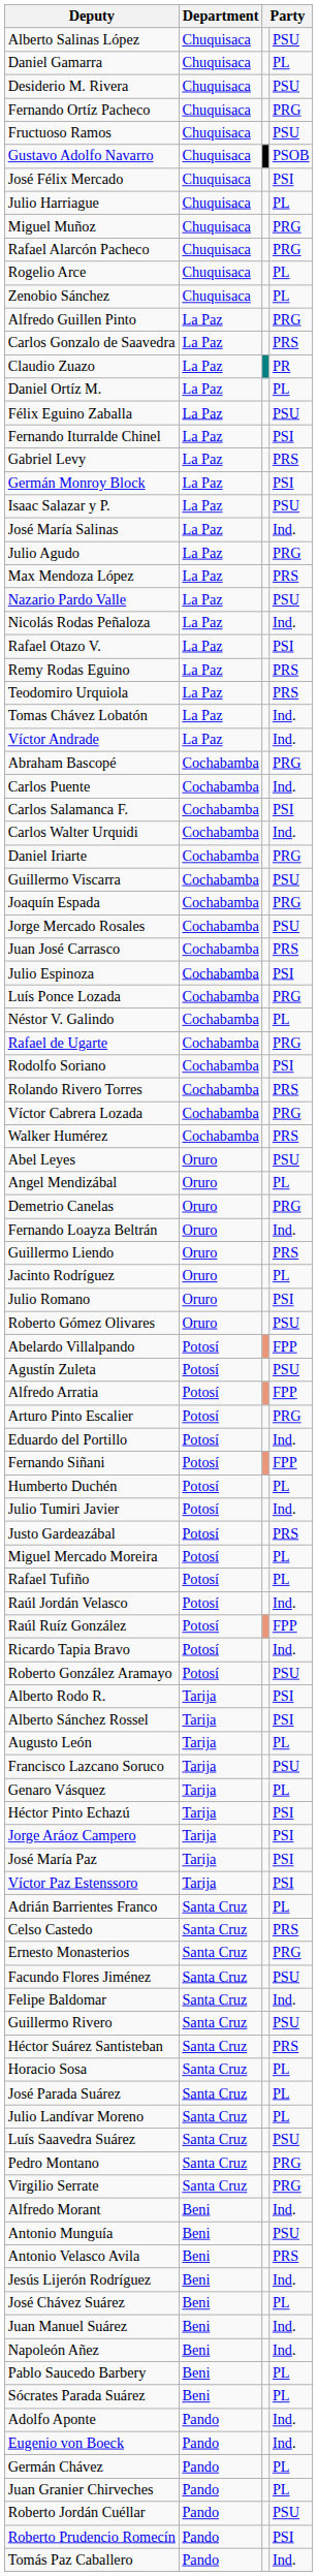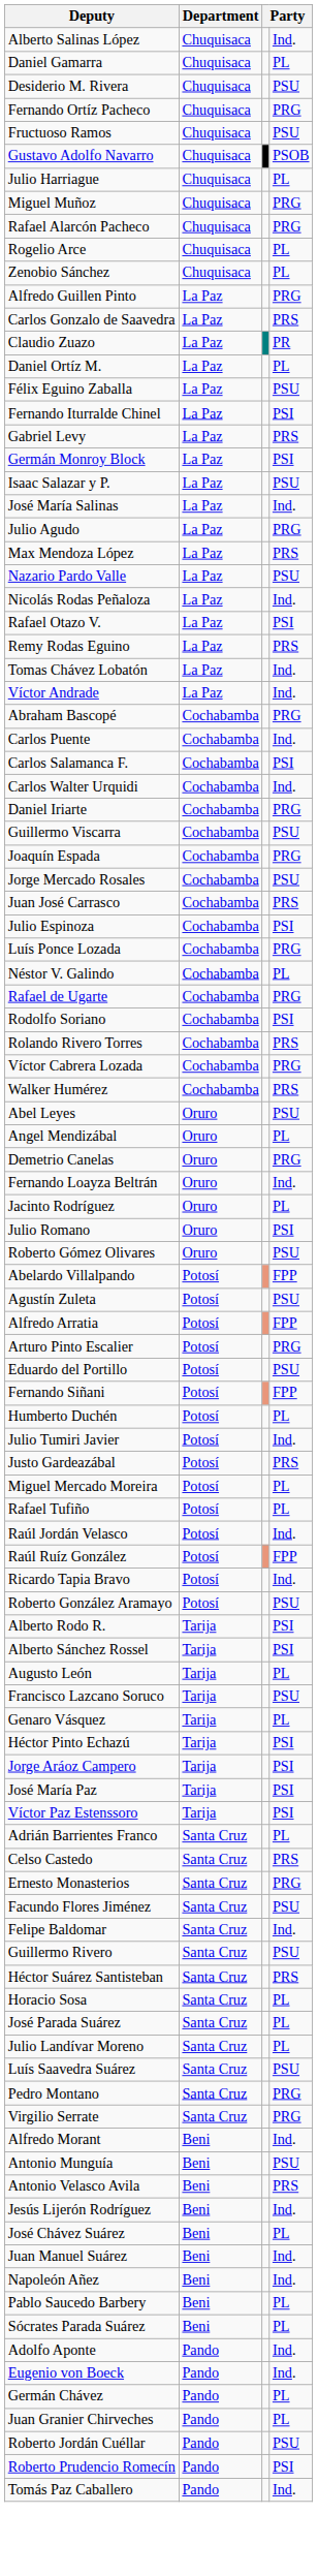 <table class="wikitable sortable">
 <tr>
 <th>Deputy</th>
 <th>Department</th>
 <th colspan="2">Party</th>
 </tr>
 <tr>
 <td>Alberto Salinas López</td>
 <td><a href='#'>Chuquisaca</a></td>
 <td style="background:"></td>
-<td><a href='#'>PSU</a></td>
+<td><a href='#'>Ind</a>.</td>
 </tr>
 <tr>
 <td>Daniel Gamarra</td>
 <td><a href='#'>Chuquisaca</a></td>
 <td style="background:"></td>
 <td><a href='#'>PL</a></td>
 </tr>
 <tr>
 <td>Desiderio M. Rivera</td>
 <td><a href='#'>Chuquisaca</a></td>
 <td style="background:"></td>
 <td><a href='#'>PSU</a></td>
 </tr>
 <tr>
 <td>Fernando Ortíz Pacheco</td>
 <td><a href='#'>Chuquisaca</a></td>
 <td style="background:"></td>
 <td><a href='#'>PRG</a></td>
 </tr>
 <tr>
 <td>Fructuoso Ramos</td>
 <td><a href='#'>Chuquisaca</a></td>
 <td style="background:"></td>
 <td><a href='#'>PSU</a></td>
 </tr>
 <tr>
 <td><a href='#'>Gustavo Adolfo Navarro</a></td>
 <td><a href='#'>Chuquisaca</a></td>
 <td style="background:black"></td>
 <td><a href='#'>PSOB</a></td>
-</tr>
-<tr>
-<td>José Félix Mercado</td>
-<td><a href='#'>Chuquisaca</a></td>
-<td style="background:"></td>
-<td><a href='#'>PSI</a></td>
 </tr>
 <tr>
 <td>Julio Harriague</td>
 <td><a href='#'>Chuquisaca</a></td>
 <td style="background:"></td>
 <td><a href='#'>PL</a></td>
 </tr>
 <tr>
 <td>Miguel Muñoz</td>
 <td><a href='#'>Chuquisaca</a></td>
 <td style="background:"></td>
 <td><a href='#'>PRG</a></td>
 </tr>
 <tr>
 <td>Rafael Alarcón Pacheco</td>
 <td><a href='#'>Chuquisaca</a></td>
 <td style="background:"></td>
 <td><a href='#'>PRG</a></td>
 </tr>
 <tr>
 <td>Rogelio Arce</td>
 <td><a href='#'>Chuquisaca</a></td>
 <td style="background:"></td>
 <td><a href='#'>PL</a></td>
 </tr>
 <tr>
 <td>Zenobio Sánchez</td>
 <td><a href='#'>Chuquisaca</a></td>
 <td style="background:"></td>
 <td><a href='#'>PL</a></td>
 </tr>
 <tr>
 <td>Alfredo Guillen Pinto</td>
 <td><a href='#'>La Paz</a></td>
 <td style="background:"></td>
 <td><a href='#'>PRG</a></td>
 </tr>
 <tr>
 <td>Carlos Gonzalo de Saavedra</td>
 <td><a href='#'>La Paz</a></td>
 <td style="background:"></td>
 <td><a href='#'>PRS</a></td>
 </tr>
 <tr>
 <td>Claudio Zuazo</td>
 <td><a href='#'>La Paz</a></td>
 <td style="background:teal"></td>
 <td><a href='#'>PR</a></td>
 </tr>
 <tr>
 <td>Daniel Ortíz M.</td>
 <td><a href='#'>La Paz</a></td>
 <td style="background:"></td>
 <td><a href='#'>PL</a></td>
 </tr>
 <tr>
 <td>Félix Eguino Zaballa</td>
 <td><a href='#'>La Paz</a></td>
 <td style="background:"></td>
 <td><a href='#'>PSU</a></td>
 </tr>
 <tr>
 <td>Fernando Iturralde Chinel</td>
 <td><a href='#'>La Paz</a></td>
 <td style="background:"></td>
 <td><a href='#'>PSI</a></td>
 </tr>
 <tr>
 <td>Gabriel Levy</td>
 <td><a href='#'>La Paz</a></td>
 <td style="background:"></td>
 <td><a href='#'>PRS</a></td>
 </tr>
 <tr>
 <td><a href='#'>Germán Monroy Block</a></td>
 <td><a href='#'>La Paz</a></td>
 <td style="background:"></td>
 <td><a href='#'>PSI</a></td>
 </tr>
 <tr>
 <td>Isaac Salazar y P.</td>
 <td><a href='#'>La Paz</a></td>
 <td style="background:"></td>
 <td><a href='#'>PSU</a></td>
 </tr>
 <tr>
 <td>José María Salinas</td>
 <td><a href='#'>La Paz</a></td>
 <td style="background:"></td>
 <td><a href='#'>Ind</a>.</td>
 </tr>
 <tr>
 <td>Julio Agudo</td>
 <td><a href='#'>La Paz</a></td>
 <td style="background:"></td>
 <td><a href='#'>PRG</a></td>
 </tr>
 <tr>
 <td>Max Mendoza López</td>
 <td><a href='#'>La Paz</a></td>
 <td style="background:"></td>
 <td><a href='#'>PRS</a></td>
 </tr>
 <tr>
 <td><a href='#'>Nazario Pardo Valle</a></td>
 <td><a href='#'>La Paz</a></td>
 <td style="background:"></td>
 <td><a href='#'>PSU</a></td>
 </tr>
 <tr>
 <td>Nicolás Rodas Peñaloza</td>
 <td><a href='#'>La Paz</a></td>
 <td style="background:"></td>
 <td><a href='#'>Ind</a>.</td>
 </tr>
 <tr>
 <td>Rafael Otazo V.</td>
 <td><a href='#'>La Paz</a></td>
 <td style="background:"></td>
 <td><a href='#'>PSI</a></td>
 </tr>
 <tr>
 <td>Remy Rodas Eguino</td>
-<td><a href='#'>La Paz</a></td>
-<td style="background:"></td>
-<td><a href='#'>PRS</a></td>
-</tr>
-<tr>
-<td>Teodomiro Urquiola</td>
 <td><a href='#'>La Paz</a></td>
 <td style="background:"></td>
 <td><a href='#'>PRS</a></td>
 </tr>
 <tr>
 <td>Tomas Chávez Lobatón</td>
 <td><a href='#'>La Paz</a></td>
 <td style="background:"></td>
 <td><a href='#'>Ind</a>.</td>
 </tr>
 <tr>
 <td><a href='#'>Víctor Andrade</a></td>
 <td><a href='#'>La Paz</a></td>
 <td style="background:"></td>
 <td><a href='#'>Ind</a>.</td>
 </tr>
 <tr>
 <td>Abraham Bascopé</td>
 <td><a href='#'>Cochabamba</a></td>
 <td style="background:"></td>
 <td><a href='#'>PRG</a></td>
 </tr>
 <tr>
 <td>Carlos Puente</td>
 <td><a href='#'>Cochabamba</a></td>
 <td style="background:"></td>
 <td><a href='#'>Ind</a>.</td>
 </tr>
 <tr>
 <td>Carlos Salamanca F.</td>
 <td><a href='#'>Cochabamba</a></td>
 <td style="background:"></td>
 <td><a href='#'>PSI</a></td>
 </tr>
 <tr>
 <td>Carlos Walter Urquidi</td>
 <td><a href='#'>Cochabamba</a></td>
 <td style="background:"></td>
 <td><a href='#'>Ind</a>.</td>
 </tr>
 <tr>
 <td>Daniel Iriarte</td>
 <td><a href='#'>Cochabamba</a></td>
 <td style="background:"></td>
 <td><a href='#'>PRG</a></td>
 </tr>
 <tr>
 <td>Guillermo Viscarra</td>
 <td><a href='#'>Cochabamba</a></td>
 <td style="background:"></td>
 <td><a href='#'>PSU</a></td>
 </tr>
 <tr>
 <td>Joaquín Espada</td>
 <td><a href='#'>Cochabamba</a></td>
 <td style="background:"></td>
 <td><a href='#'>PRG</a></td>
 </tr>
 <tr>
 <td>Jorge Mercado Rosales</td>
 <td><a href='#'>Cochabamba</a></td>
 <td style="background:"></td>
 <td><a href='#'>PSU</a></td>
 </tr>
 <tr>
 <td>Juan José Carrasco</td>
 <td><a href='#'>Cochabamba</a></td>
 <td style="background:"></td>
 <td><a href='#'>PRS</a></td>
 </tr>
 <tr>
 <td>Julio Espinoza</td>
 <td><a href='#'>Cochabamba</a></td>
 <td style="background:"></td>
 <td><a href='#'>PSI</a></td>
 </tr>
 <tr>
 <td>Luís Ponce Lozada</td>
 <td><a href='#'>Cochabamba</a></td>
 <td style="background:"></td>
 <td><a href='#'>PRG</a></td>
 </tr>
 <tr>
 <td>Néstor V. Galindo</td>
 <td><a href='#'>Cochabamba</a></td>
 <td style="background:"></td>
 <td><a href='#'>PL</a></td>
 </tr>
 <tr>
 <td><a href='#'>Rafael de Ugarte</a></td>
 <td><a href='#'>Cochabamba</a></td>
 <td style="background:"></td>
 <td><a href='#'>PRG</a></td>
 </tr>
 <tr>
 <td>Rodolfo Soriano</td>
 <td><a href='#'>Cochabamba</a></td>
 <td style="background:"></td>
 <td><a href='#'>PSI</a></td>
 </tr>
 <tr>
 <td>Rolando Rivero Torres</td>
 <td><a href='#'>Cochabamba</a></td>
 <td style="background:"></td>
 <td><a href='#'>PRS</a></td>
 </tr>
 <tr>
 <td>Víctor Cabrera Lozada</td>
 <td><a href='#'>Cochabamba</a></td>
 <td style="background:"></td>
 <td><a href='#'>PRG</a></td>
 </tr>
 <tr>
 <td>Walker Humérez</td>
 <td><a href='#'>Cochabamba</a></td>
 <td style="background:"></td>
 <td><a href='#'>PRS</a></td>
 </tr>
 <tr>
 <td>Abel Leyes</td>
 <td><a href='#'>Oruro</a></td>
 <td style="background:"></td>
 <td><a href='#'>PSU</a></td>
 </tr>
 <tr>
 <td>Angel Mendizábal</td>
 <td><a href='#'>Oruro</a></td>
 <td style="background:"></td>
 <td><a href='#'>PL</a></td>
 </tr>
 <tr>
 <td>Demetrio Canelas</td>
 <td><a href='#'>Oruro</a></td>
 <td style="background:"></td>
 <td><a href='#'>PRG</a></td>
 </tr>
 <tr>
 <td>Fernando Loayza Beltrán</td>
 <td><a href='#'>Oruro</a></td>
 <td style="background:"></td>
 <td><a href='#'>Ind</a>.</td>
 </tr>
 <tr>
-<td>Guillermo Liendo</td>
-<td><a href='#'>Oruro</a></td>
-<td style="background:"></td>
-<td><a href='#'>PRS</a></td>
-</tr>
-<tr>
 <td>Jacinto Rodríguez</td>
 <td><a href='#'>Oruro</a></td>
 <td style="background:"></td>
 <td><a href='#'>PL</a></td>
 </tr>
 <tr>
 <td>Julio Romano</td>
 <td><a href='#'>Oruro</a></td>
 <td style="background:"></td>
 <td><a href='#'>PSI</a></td>
 </tr>
 <tr>
 <td>Roberto Gómez Olivares</td>
 <td><a href='#'>Oruro</a></td>
 <td style="background:"></td>
 <td><a href='#'>PSU</a></td>
 </tr>
 <tr>
 <td>Abelardo Villalpando</td>
 <td><a href='#'>Potosí</a></td>
 <td style="background:darksalmon"></td>
 <td><a href='#'>FPP</a></td>
 </tr>
 <tr>
 <td>Agustín Zuleta</td>
 <td><a href='#'>Potosí</a></td>
 <td style="background:"></td>
 <td><a href='#'>PSU</a></td>
 </tr>
 <tr>
 <td>Alfredo Arratia</td>
 <td><a href='#'>Potosí</a></td>
 <td style="background:darksalmon"></td>
 <td><a href='#'>FPP</a></td>
 </tr>
 <tr>
 <td>Arturo Pinto Escalier</td>
 <td><a href='#'>Potosí</a></td>
 <td style="background:"></td>
 <td><a href='#'>PRG</a></td>
 </tr>
 <tr>
 <td>Eduardo del Portillo</td>
 <td><a href='#'>Potosí</a></td>
 <td style="background:"></td>
-<td><a href='#'>Ind</a>.</td>
+<td><a href='#'>PSU</a></td>
 </tr>
 <tr>
 <td>Fernando Siñani</td>
 <td><a href='#'>Potosí</a></td>
 <td style="background:darksalmon"></td>
 <td><a href='#'>FPP</a></td>
 </tr>
 <tr>
 <td>Humberto Duchén</td>
 <td><a href='#'>Potosí</a></td>
 <td style="background:"></td>
 <td><a href='#'>PL</a></td>
 </tr>
 <tr>
 <td>Julio Tumiri Javier</td>
 <td><a href='#'>Potosí</a></td>
 <td style="background:"></td>
 <td><a href='#'>Ind</a>.</td>
 </tr>
 <tr>
 <td>Justo Gardeazábal</td>
 <td><a href='#'>Potosí</a></td>
 <td style="background:"></td>
 <td><a href='#'>PRS</a></td>
 </tr>
 <tr>
 <td>Miguel Mercado Moreira</td>
 <td><a href='#'>Potosí</a></td>
 <td style="background:"></td>
 <td><a href='#'>PL</a></td>
 </tr>
 <tr>
 <td>Rafael Tufiño</td>
 <td><a href='#'>Potosí</a></td>
 <td style="background:"></td>
 <td><a href='#'>PL</a></td>
 </tr>
 <tr>
 <td>Raúl Jordán Velasco</td>
 <td><a href='#'>Potosí</a></td>
 <td style="background:"></td>
 <td><a href='#'>Ind</a>.</td>
 </tr>
 <tr>
 <td>Raúl Ruíz González</td>
 <td><a href='#'>Potosí</a></td>
 <td style="background:darksalmon"></td>
 <td><a href='#'>FPP</a></td>
 </tr>
 <tr>
 <td>Ricardo Tapia Bravo</td>
 <td><a href='#'>Potosí</a></td>
 <td style="background:"></td>
 <td><a href='#'>Ind</a>.</td>
 </tr>
 <tr>
 <td>Roberto González Aramayo</td>
 <td><a href='#'>Potosí</a></td>
 <td style="background:"></td>
 <td><a href='#'>PSU</a></td>
 </tr>
 <tr>
 <td>Alberto Rodo R.</td>
 <td><a href='#'>Tarija</a></td>
 <td style="background:"></td>
 <td><a href='#'>PSI</a></td>
 </tr>
 <tr>
 <td>Alberto Sánchez Rossel</td>
 <td><a href='#'>Tarija</a></td>
 <td style="background:"></td>
 <td><a href='#'>PSI</a></td>
 </tr>
 <tr>
 <td>Augusto León</td>
 <td><a href='#'>Tarija</a></td>
 <td style="background:"></td>
 <td><a href='#'>PL</a></td>
 </tr>
 <tr>
 <td>Francisco Lazcano Soruco</td>
 <td><a href='#'>Tarija</a></td>
 <td style="background:"></td>
 <td><a href='#'>PSU</a></td>
 </tr>
 <tr>
 <td>Genaro Vásquez</td>
 <td><a href='#'>Tarija</a></td>
 <td style="background:"></td>
 <td><a href='#'>PL</a></td>
 </tr>
 <tr>
 <td>Héctor Pinto Echazú</td>
 <td><a href='#'>Tarija</a></td>
 <td style="background:"></td>
 <td><a href='#'>PSI</a></td>
 </tr>
 <tr>
 <td><a href='#'>Jorge Aráoz Campero</a></td>
 <td><a href='#'>Tarija</a></td>
 <td style="background:"></td>
 <td><a href='#'>PSI</a></td>
 </tr>
 <tr>
 <td>José María Paz</td>
 <td><a href='#'>Tarija</a></td>
 <td style="background:"></td>
 <td><a href='#'>PSI</a></td>
 </tr>
 <tr>
 <td><a href='#'>Víctor Paz Estenssoro</a></td>
 <td><a href='#'>Tarija</a></td>
 <td style="background:"></td>
 <td><a href='#'>PSI</a></td>
 </tr>
 <tr>
 <td>Adrián Barrientes Franco</td>
 <td><a href='#'>Santa Cruz</a></td>
 <td style="background:"></td>
 <td><a href='#'>PL</a></td>
 </tr>
 <tr>
 <td>Celso Castedo</td>
 <td><a href='#'>Santa Cruz</a></td>
 <td style="background:"></td>
 <td><a href='#'>PRS</a></td>
 </tr>
 <tr>
 <td>Ernesto Monasterios</td>
 <td><a href='#'>Santa Cruz</a></td>
 <td style="background:"></td>
 <td><a href='#'>PRG</a></td>
 </tr>
 <tr>
 <td>Facundo Flores Jiménez</td>
 <td><a href='#'>Santa Cruz</a></td>
 <td style="background:"></td>
 <td><a href='#'>PSU</a></td>
 </tr>
 <tr>
 <td>Felipe Baldomar</td>
 <td><a href='#'>Santa Cruz</a></td>
 <td style="background:"></td>
 <td><a href='#'>Ind</a>.</td>
 </tr>
 <tr>
 <td>Guillermo Rivero</td>
 <td><a href='#'>Santa Cruz</a></td>
 <td style="background:"></td>
 <td><a href='#'>PSU</a></td>
 </tr>
 <tr>
 <td>Héctor Suárez Santisteban</td>
 <td><a href='#'>Santa Cruz</a></td>
 <td style="background:"></td>
 <td><a href='#'>PRS</a></td>
 </tr>
 <tr>
 <td>Horacio Sosa</td>
 <td><a href='#'>Santa Cruz</a></td>
 <td style="background:"></td>
 <td><a href='#'>PL</a></td>
 </tr>
 <tr>
 <td>José Parada Suárez</td>
 <td><a href='#'>Santa Cruz</a></td>
 <td style="background:"></td>
 <td><a href='#'>PL</a></td>
 </tr>
 <tr>
 <td>Julio Landívar Moreno</td>
 <td><a href='#'>Santa Cruz</a></td>
 <td style="background:"></td>
 <td><a href='#'>PL</a></td>
 </tr>
 <tr>
 <td>Luís Saavedra Suárez</td>
 <td><a href='#'>Santa Cruz</a></td>
 <td style="background:"></td>
 <td><a href='#'>PSU</a></td>
 </tr>
 <tr>
 <td>Pedro Montano</td>
 <td><a href='#'>Santa Cruz</a></td>
 <td style="background:"></td>
 <td><a href='#'>PRG</a></td>
 </tr>
 <tr>
 <td>Virgilio Serrate</td>
 <td><a href='#'>Santa Cruz</a></td>
 <td style="background:"></td>
 <td><a href='#'>PRG</a></td>
 </tr>
 <tr>
 <td>Alfredo Morant</td>
 <td><a href='#'>Beni</a></td>
 <td style="background:"></td>
 <td><a href='#'>Ind</a>.</td>
 </tr>
 <tr>
 <td>Antonio Munguía</td>
 <td><a href='#'>Beni</a></td>
 <td style="background:"></td>
 <td><a href='#'>PSU</a></td>
 </tr>
 <tr>
 <td>Antonio Velasco Avila</td>
 <td><a href='#'>Beni</a></td>
 <td style="background:"></td>
 <td><a href='#'>PRS</a></td>
 </tr>
 <tr>
 <td>Jesús Lijerón Rodríguez</td>
 <td><a href='#'>Beni</a></td>
 <td style="background:"></td>
 <td><a href='#'>Ind</a>.</td>
 </tr>
 <tr>
 <td>José Chávez Suárez</td>
 <td><a href='#'>Beni</a></td>
 <td style="background:"></td>
 <td><a href='#'>PL</a></td>
 </tr>
 <tr>
 <td>Juan Manuel Suárez</td>
 <td><a href='#'>Beni</a></td>
 <td style="background:"></td>
 <td><a href='#'>Ind</a>.</td>
 </tr>
 <tr>
 <td>Napoleón Añez</td>
 <td><a href='#'>Beni</a></td>
 <td style="background:"></td>
 <td><a href='#'>Ind</a>.</td>
 </tr>
 <tr>
 <td>Pablo Saucedo Barbery</td>
 <td><a href='#'>Beni</a></td>
 <td style="background:"></td>
 <td><a href='#'>PL</a></td>
 </tr>
 <tr>
 <td>Sócrates Parada Suárez</td>
 <td><a href='#'>Beni</a></td>
 <td style="background:"></td>
 <td><a href='#'>PL</a></td>
 </tr>
 <tr>
 <td>Adolfo Aponte</td>
 <td><a href='#'>Pando</a></td>
 <td style="background:"></td>
 <td><a href='#'>Ind</a>.</td>
 </tr>
 <tr>
 <td><a href='#'>Eugenio von Boeck</a></td>
 <td><a href='#'>Pando</a></td>
 <td style="background:"></td>
 <td><a href='#'>Ind</a>.</td>
 </tr>
 <tr>
 <td>Germán Chávez</td>
 <td><a href='#'>Pando</a></td>
 <td style="background:"></td>
 <td><a href='#'>PL</a></td>
 </tr>
 <tr>
 <td>Juan Granier Chirveches</td>
 <td><a href='#'>Pando</a></td>
 <td style="background:"></td>
 <td><a href='#'>PL</a></td>
 </tr>
 <tr>
 <td>Roberto Jordán Cuéllar</td>
 <td><a href='#'>Pando</a></td>
 <td style="background:"></td>
 <td><a href='#'>PSU</a></td>
 </tr>
 <tr>
 <td><a href='#'>Roberto Prudencio Romecín</a></td>
 <td><a href='#'>Pando</a></td>
 <td style="background:"></td>
 <td><a href='#'>PSI</a></td>
 </tr>
 <tr>
 <td>Tomás Paz Caballero</td>
 <td><a href='#'>Pando</a></td>
 <td style="background:"></td>
 <td><a href='#'>Ind</a>.</td>
 </tr>
 </table>
